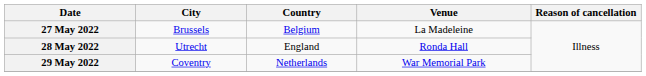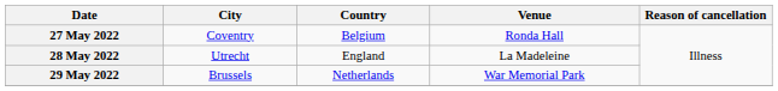 <table class="wikitable plainrowheaders" style="text-align:center;">
 <tr>
 <th scope="col" style="width:12em;">Date</th>
 <th scope="col" style="width:10em;">City</th>
 <th scope="col" style="width:10em;">Country</th>
 <th scope="col" style="width:16em;">Venue</th>
 <th scope="col" style="width:10em;">Reason of cancellation</th>
 </tr>
 <tr>
 <th scope="row" style="text-align:center;">27 May 2022</th>
-<td><a href='#'>Brussels</a></td>
+<td><a href='#'>Coventry</a></td>
 <td><a href='#'>Belgium</a></td>
-<td>La Madeleine</td>
+<td><a href='#'>Ronda Hall</a></td>
 <td rowspan="3">Illness</td>
 </tr>
 <tr>
 <th scope="row" style="text-align:center;">28 May 2022</th>
 <td><a href='#'>Utrecht</a></td>
 <td>England</td>
-<td><a href='#'>Ronda Hall</a></td>
+<td>La Madeleine</td>
 </tr>
 <tr>
 <th scope="row" style="text-align:center;">29 May 2022</th>
-<td><a href='#'>Coventry</a></td>
+<td><a href='#'>Brussels</a></td>
 <td><a href='#'>Netherlands</a></td>
 <td><a href='#'>War Memorial Park</a></td>
 </tr>
 <tr>
 </tr>
 </table>
